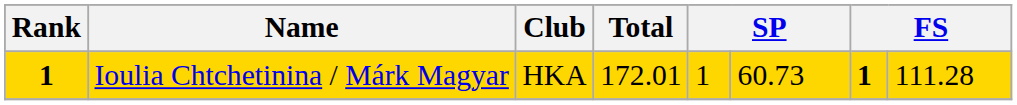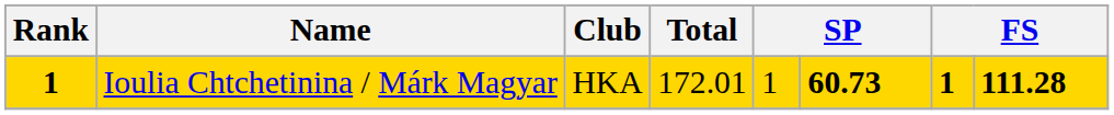 <table class="wikitable sortable">
 <tr>
 <th>Rank</th>
 <th>Name</th>
 <th>Club</th>
 <th>Total</th>
 <th colspan="2" width="80px"><a href='#'>SP</a></th>
 <th colspan="2" width="80px"><a href='#'>FS</a></th>
 </tr>
 <tr bgcolor="gold">
 <td align="center"><strong>1</strong></td>
 <td><a href='#'>Ioulia Chtchetinina</a> / <a href='#'>Márk Magyar</a></td>
 <td>HKA</td>
 <td>172.01</td>
 <td>1</td>
-<td>60.73</td>
+<td><strong>60.73</strong></td>
 <td><strong>1</strong></td>
-<td>111.28</td>
+<td><strong>111.28</strong></td>
 </tr>
 <tr>
 </tr>
 </table>
